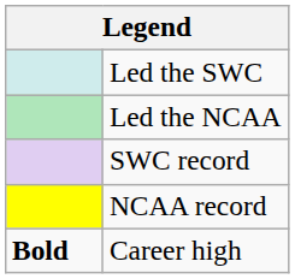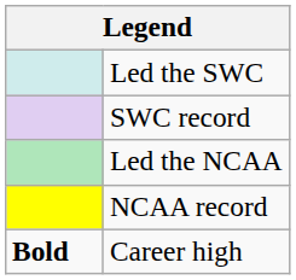 <table class="wikitable">
 <tr>
 <th colspan="2">Legend</th>
 </tr>
 <tr>
 <td style="background:#cfecec; width:3em;"></td>
 <td>Led the SWC</td>
 </tr>
 <tr>
+<td style="background:#E0CEF2; width:3em"></td>
+<td>SWC record</td>
+</tr>
+<tr>
 <td style="background:#afe6ba; width:3em;"></td>
 <td>Led the NCAA</td>
-</tr>
-<tr>
-<td style="background:#E0CEF2; width:3em"></td>
-<td>SWC record</td>
 </tr>
 <tr>
 <td style="background:#ff0; width:3em;"></td>
 <td>NCAA record</td>
 </tr>
 <tr>
 <td><strong>Bold</strong></td>
 <td>Career high</td>
 </tr>
 </table>
